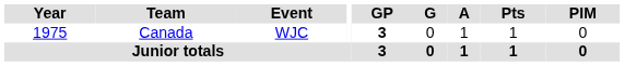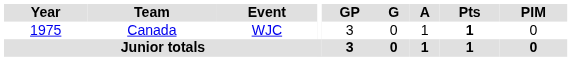 <table border="0" cellpadding="1" cellspacing="0" ID="Table3" style="text-align:center; width:40em">
 <tr bgcolor="#e0e0e0">
 <th>Year</th>
 <th>Team</th>
 <th>Event</th>
 <th rowspan="102" bgcolor="#ffffff"></th>
 <th>GP</th>
 <th>G</th>
 <th>A</th>
 <th>Pts</th>
 <th>PIM</th>
 </tr>
 <tr>
 <td><a href='#'>1975</a></td>
 <td><a href='#'>Canada</a></td>
 <td><a href='#'>WJC</a></td>
-<td><strong>3</strong></td>
+<td>3</td>
 <td>0</td>
 <td>1</td>
-<td>1</td>
+<td><strong>1</strong></td>
 <td>0</td>
 </tr>
 <tr bgcolor="#e0e0e0">
 <th colspan="4">Junior totals</th>
 <th>3</th>
 <th>0</th>
 <th>1</th>
 <th>1</th>
 <th>0</th>
 </tr>
 </table>
